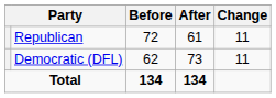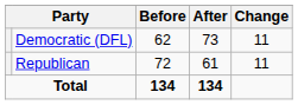 <table class="wikitable" style="text-align:center;">
 <tr>
 </tr>
 <tr>
 <th colspan=2>Party</th>
 <th>Before</th>
 <th>After</th>
 <th>Change</th>
 </tr>
 <tr>
 <th style="background-color:"></th>
-<td style="text-align:left;"><a href='#'>Republican</a></td>
-<td>72</td>
-<td>61</td>
+<td style="text-align:left;"><a href='#'>Democratic (DFL)</a></td>
+<td>62</td>
+<td>73</td>
 <td> 11</td>
 </tr>
 <tr>
 <th style="background-color:"></th>
-<td style="text-align:left;"><a href='#'>Democratic (DFL)</a></td>
-<td>62</td>
-<td>73</td>
+<td style="text-align:left;"><a href='#'>Republican</a></td>
+<td>72</td>
+<td>61</td>
 <td> 11</td>
 </tr>
 <tr>
 <td colspan=2><strong>Total</strong></td>
 <td><strong>134</strong></td>
 <td><strong>134</strong></td>
 <td></td>
 </tr>
 </table>
